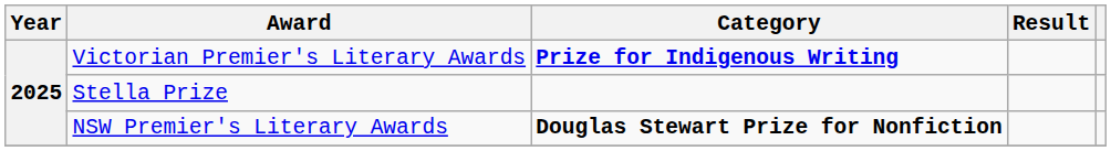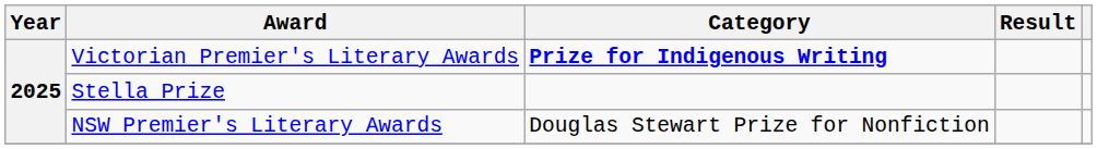 <table class="wikitable sortable">
 <tr>
 <th>Year</th>
 <th>Award</th>
 <th>Category</th>
 <th>Result</th>
 <th></th>
 </tr>
 <tr>
 <th rowspan="3">2025</th>
 <td><a href='#'>Victorian Premier's Literary Awards</a></td>
 <td><strong><a href='#'>Prize for Indigenous Writing</a></strong></td>
 <td></td>
 <td></td>
 </tr>
 <tr>
 <td><a href='#'>Stella Prize</a></td>
 <td></td>
 <td></td>
 <td></td>
 </tr>
 <tr>
 <td><a href='#'>NSW Premier's Literary Awards</a></td>
-<td><strong>Douglas Stewart Prize for Nonfiction</strong></td>
+<td>Douglas Stewart Prize for Nonfiction</td>
 <td></td>
 <td></td>
 </tr>
 <tr>
 </tr>
 </table>
